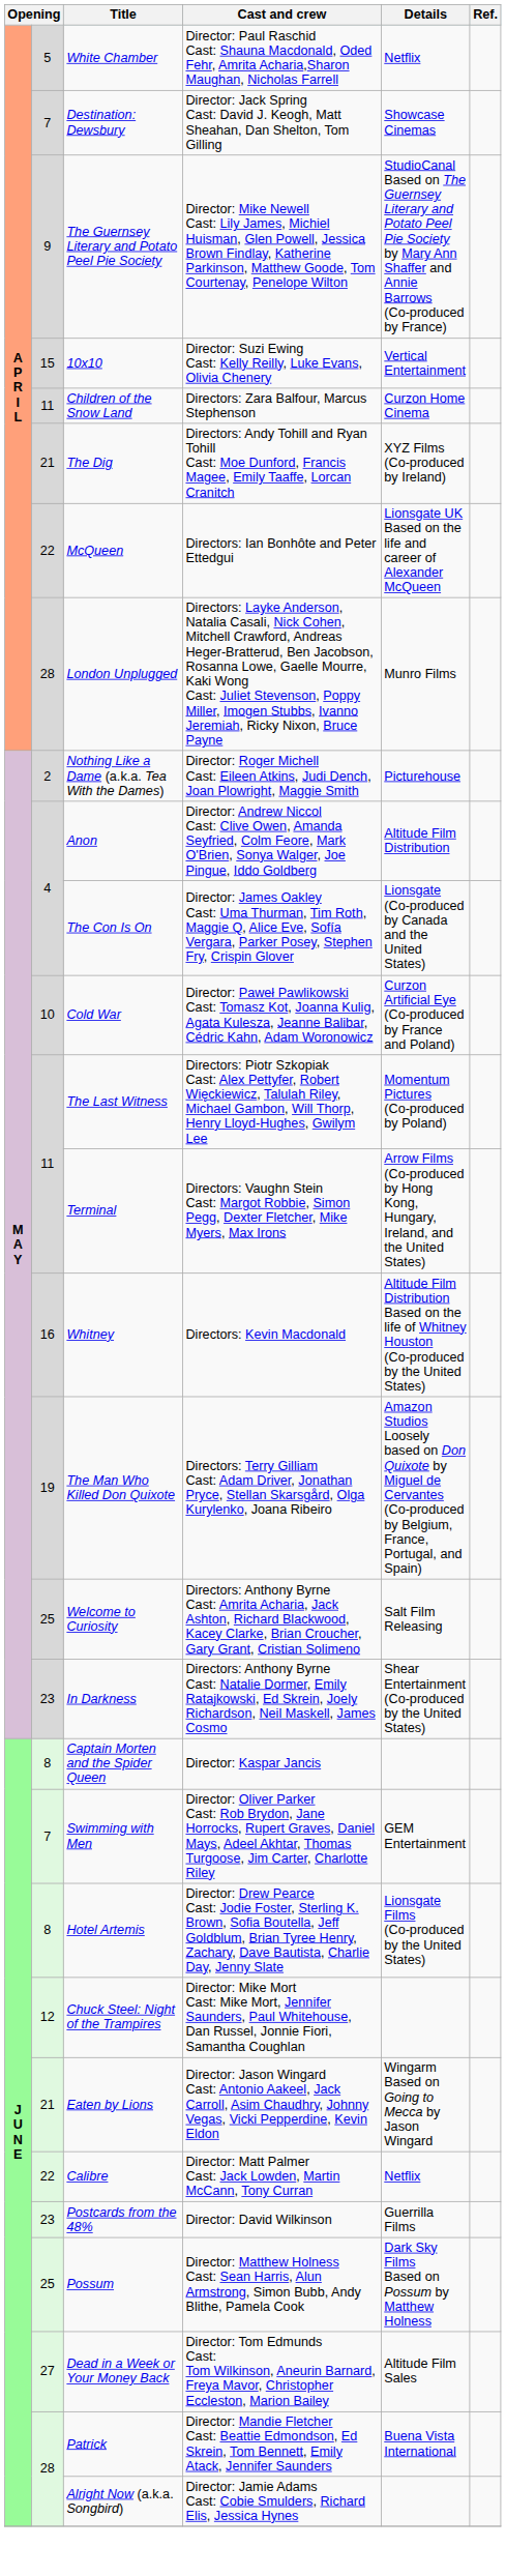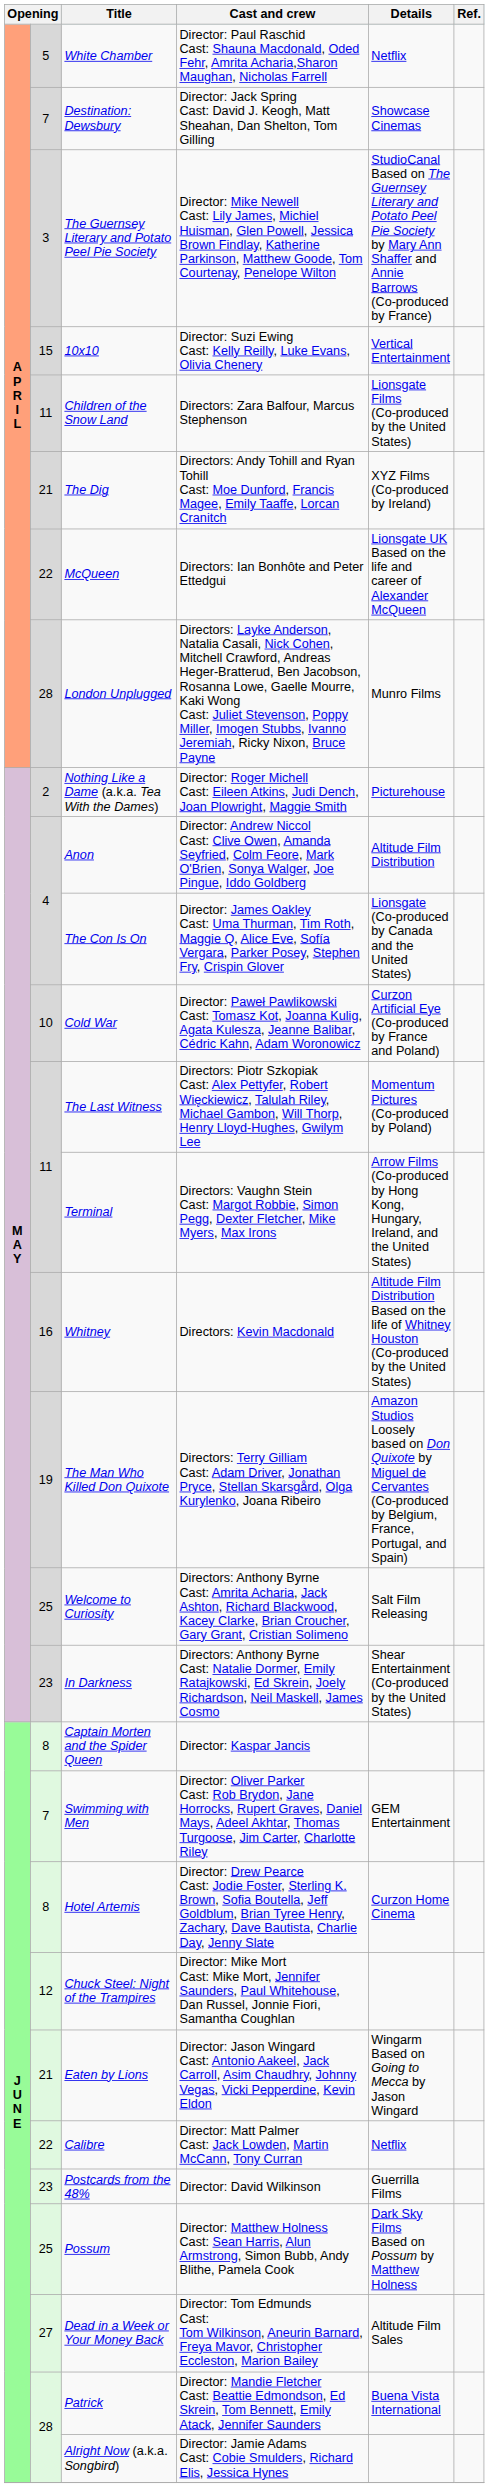 <table class="wikitable">
 <tr style="background:#b0e0e6; text-align:center;">
 <th colspan="2">Opening</th>
 <th style="width:24%;">Title</th>
 <th style="width:40%;">Cast and crew</th>
 <th>Details</th>
 <th style="width:2%;">Ref.</th>
 </tr>
 <tr>
 <th rowspan="8" style="text-align:center; background:#ffa07a; textcolor:#000;">A<br>P<br>R<br>I<br>L</th>
 <td rowspan="1" style="text-align:center; background:#d8d8d8;">5</td>
 <td><em><a href='#'>White Chamber</a></em></td>
 <td>Director: Paul Raschid <br> Cast: <a href='#'>Shauna Macdonald</a>, <a href='#'>Oded Fehr</a>, <a href='#'>Amrita Acharia</a>,<a href='#'>Sharon Maughan</a>, <a href='#'>Nicholas Farrell</a></td>
 <td><a href='#'>Netflix</a></td>
 <td></td>
 </tr>
 <tr>
 <td rowspan="1" style="text-align:center; background:#d8d8d8;">7</td>
 <td><em><a href='#'>Destination: Dewsbury</a></em></td>
 <td>Director: Jack Spring <br> Cast: David J. Keogh, Matt Sheahan, Dan Shelton, Tom Gilling</td>
 <td><a href='#'>Showcase Cinemas</a></td>
 <td style="text-align:center"></td>
 </tr>
 <tr>
-<td rowspan="1" style="text-align:center; background:#d8d8d8;">9</td>
+<td rowspan="1" style="text-align:center; background:#d8d8d8;">3</td>
 <td><em><a href='#'>The Guernsey Literary and Potato Peel Pie Society</a></em></td>
 <td>Director: <a href='#'>Mike Newell</a> <br> Cast: <a href='#'>Lily James</a>, <a href='#'>Michiel Huisman</a>, <a href='#'>Glen Powell</a>, <a href='#'>Jessica Brown Findlay</a>, <a href='#'>Katherine Parkinson</a>, <a href='#'>Matthew Goode</a>, <a href='#'>Tom Courtenay</a>, <a href='#'>Penelope Wilton</a></td>
 <td><a href='#'>StudioCanal</a> <br> Based on <em><a href='#'>The Guernsey Literary and Potato Peel Pie Society</a></em> by <a href='#'>Mary Ann Shaffer</a> and <a href='#'>Annie Barrows</a> <br> (Co-produced by France)</td>
 <td style="text-align:center"></td>
 </tr>
 <tr>
 <td rowspan="1" style="text-align:center; background:#d8d8d8;">15</td>
 <td><em><a href='#'>10x10</a></em></td>
 <td>Director: Suzi Ewing <br> Cast: <a href='#'>Kelly Reilly</a>, <a href='#'>Luke Evans</a>, <a href='#'>Olivia Chenery</a></td>
 <td><a href='#'>Vertical Entertainment</a></td>
 <td style="text-align:center"></td>
 </tr>
 <tr>
 <td rowspan="1" style="text-align:center; background:#d8d8d8;">11</td>
 <td><em><a href='#'>Children of the Snow Land</a></em></td>
 <td>Directors: Zara Balfour, Marcus Stephenson</td>
-<td><a href='#'>Curzon Home Cinema</a></td>
+<td><a href='#'>Lionsgate Films</a> <br> (Co-produced by the United States)</td>
 <td style="text-align:center"></td>
 </tr>
 <tr>
 <td rowspan="1" style="text-align:center; background:#d8d8d8;">21</td>
 <td><em><a href='#'>The Dig</a></em></td>
 <td>Directors: Andy Tohill and Ryan Tohill <br> Cast: <a href='#'>Moe Dunford</a>, <a href='#'>Francis Magee</a>, <a href='#'>Emily Taaffe</a>, <a href='#'>Lorcan Cranitch</a></td>
 <td>XYZ Films <br> (Co-produced by Ireland)</td>
 <td style="text-align:center"></td>
 </tr>
 <tr>
 <td rowspan="1" style="text-align:center; background:#d8d8d8;">22</td>
 <td><em><a href='#'>McQueen</a></em></td>
 <td>Directors: Ian Bonhôte and Peter Ettedgui</td>
 <td><a href='#'>Lionsgate UK</a> <br> Based on the life and career of <a href='#'>Alexander McQueen</a></td>
 <td style="text-align:center"></td>
 </tr>
 <tr>
 <td rowspan="1" style="text-align:center; background:#d8d8d8;">28</td>
 <td><em><a href='#'>London Unplugged</a></em></td>
 <td>Directors: <a href='#'>Layke Anderson</a>, Natalia Casali, <a href='#'>Nick Cohen</a>, Mitchell Crawford, Andreas Heger-Bratterud, Ben Jacobson, Rosanna Lowe, Gaelle Mourre, Kaki Wong <br> Cast: <a href='#'>Juliet Stevenson</a>, <a href='#'>Poppy Miller</a>, <a href='#'>Imogen Stubbs</a>, <a href='#'>Ivanno Jeremiah</a>, Ricky Nixon, <a href='#'>Bruce Payne</a></td>
 <td>Munro Films</td>
 <td style="text-align:center"></td>
 </tr>
 <tr>
 <th rowspan="10" style="text-align:center; background:thistle; textcolor:#000;">M<br>A<br>Y</th>
 <td rowspan="1" style="text-align:center; background:#d8d8d8;">2</td>
 <td><em><a href='#'>Nothing Like a Dame</a></em> (a.k.a. <em>Tea With the Dames</em>)</td>
 <td>Director: <a href='#'>Roger Michell</a> <br> Cast: <a href='#'>Eileen Atkins</a>, <a href='#'>Judi Dench</a>, <a href='#'>Joan Plowright</a>, <a href='#'>Maggie Smith</a></td>
 <td><a href='#'>Picturehouse</a></td>
 <td></td>
 </tr>
 <tr>
 <td rowspan="2" style="text-align:center; background:#d8d8d8;">4</td>
 <td><em><a href='#'>Anon</a></em></td>
 <td>Director: <a href='#'>Andrew Niccol</a> <br> Cast: <a href='#'>Clive Owen</a>, <a href='#'>Amanda Seyfried</a>, <a href='#'>Colm Feore</a>, <a href='#'>Mark O'Brien</a>, <a href='#'>Sonya Walger</a>, <a href='#'>Joe Pingue</a>, <a href='#'>Iddo Goldberg</a></td>
 <td><a href='#'>Altitude Film Distribution</a></td>
 <td style="text-align:center"></td>
 </tr>
 <tr>
 <td><em><a href='#'>The Con Is On</a></em></td>
 <td>Director: <a href='#'>James Oakley</a> <br> Cast: <a href='#'>Uma Thurman</a>, <a href='#'>Tim Roth</a>, <a href='#'>Maggie Q</a>, <a href='#'>Alice Eve</a>, <a href='#'>Sofía Vergara</a>, <a href='#'>Parker Posey</a>, <a href='#'>Stephen Fry</a>, <a href='#'>Crispin Glover</a></td>
 <td><a href='#'>Lionsgate</a> <br> (Co-produced by Canada and the United States)</td>
 <td style="text-align:center"></td>
 </tr>
 <tr>
 <td rowspan="1" style="text-align:center; background:#d8d8d8;">10</td>
 <td><em><a href='#'>Cold War</a></em></td>
 <td>Director: <a href='#'>Paweł Pawlikowski</a> <br> Cast: <a href='#'>Tomasz Kot</a>, <a href='#'>Joanna Kulig</a>, <a href='#'>Agata Kulesza</a>, <a href='#'>Jeanne Balibar</a>, <a href='#'>Cédric Kahn</a>, <a href='#'>Adam Woronowicz</a></td>
 <td><a href='#'>Curzon Artificial Eye</a> <br> (Co-produced by France and Poland)</td>
 <td style="text-align:center"></td>
 </tr>
 <tr>
 <td rowspan="2" style="text-align:center; background:#d8d8d8;">11</td>
 <td><em><a href='#'>The Last Witness</a></em></td>
 <td>Directors: Piotr Szkopiak <br> Cast: <a href='#'>Alex Pettyfer</a>, <a href='#'>Robert Więckiewicz</a>, <a href='#'>Talulah Riley</a>, <a href='#'>Michael Gambon</a>, <a href='#'>Will Thorp</a>, <a href='#'>Henry Lloyd-Hughes</a>, <a href='#'>Gwilym Lee</a></td>
 <td><a href='#'>Momentum Pictures</a> <br> (Co-produced by Poland)</td>
 <td style="text-align:center"></td>
 </tr>
 <tr>
 <td><em><a href='#'>Terminal</a></em></td>
 <td>Directors: Vaughn Stein <br> Cast: <a href='#'>Margot Robbie</a>, <a href='#'>Simon Pegg</a>, <a href='#'>Dexter Fletcher</a>, <a href='#'>Mike Myers</a>, <a href='#'>Max Irons</a></td>
 <td><a href='#'>Arrow Films</a> <br> (Co-produced by Hong Kong, Hungary, Ireland, and the United States)</td>
 <td style="text-align:center"></td>
 </tr>
 <tr>
 <td rowspan="1" style="text-align:center; background:#d8d8d8;">16</td>
 <td><em><a href='#'>Whitney</a></em></td>
 <td>Directors: <a href='#'>Kevin Macdonald</a></td>
 <td><a href='#'>Altitude Film Distribution</a> <br> Based on the life of <a href='#'>Whitney Houston</a> <br> (Co-produced by the United States)</td>
 <td style="text-align:center"></td>
 </tr>
 <tr>
 <td rowspan="1" style="text-align:center; background:#d8d8d8;">19</td>
 <td><em><a href='#'>The Man Who Killed Don Quixote</a></em></td>
 <td>Directors: <a href='#'>Terry Gilliam</a> <br> Cast: <a href='#'>Adam Driver</a>, <a href='#'>Jonathan Pryce</a>, <a href='#'>Stellan Skarsgård</a>, <a href='#'>Olga Kurylenko</a>, Joana Ribeiro</td>
 <td><a href='#'>Amazon Studios</a> <br> Loosely based on <em><a href='#'>Don Quixote</a></em> by <a href='#'>Miguel de Cervantes</a> <br> (Co-produced by Belgium, France, Portugal, and Spain)</td>
 <td style="text-align:center"></td>
 </tr>
 <tr>
 <td rowspan="1" style="text-align:center; background:#d8d8d8;">25</td>
 <td><em><a href='#'>Welcome to Curiosity</a></em></td>
 <td>Directors: Anthony Byrne <br> Cast: <a href='#'>Amrita Acharia</a>, <a href='#'>Jack Ashton</a>, <a href='#'>Richard Blackwood</a>, <a href='#'>Kacey Clarke</a>, <a href='#'>Brian Croucher</a>, <a href='#'>Gary Grant</a>, <a href='#'>Cristian Solimeno</a></td>
 <td>Salt Film Releasing</td>
 <td style="text-align:center"></td>
 </tr>
 <tr>
 <td rowspan="1" style="text-align:center; background:#d8d8d8;">23</td>
 <td><em><a href='#'>In Darkness</a></em></td>
 <td>Directors: Anthony Byrne <br> Cast: <a href='#'>Natalie Dormer</a>, <a href='#'>Emily Ratajkowski</a>, <a href='#'>Ed Skrein</a>, <a href='#'>Joely Richardson</a>, <a href='#'>Neil Maskell</a>, <a href='#'>James Cosmo</a></td>
 <td>Shear Entertainment <br> (Co-produced by the United States)</td>
 <td style="text-align:center"></td>
 </tr>
 <tr>
 <th rowspan="11" style="text-align:center; background:#98fb98; textcolor:#000;">J<br>U<br>N<br>E</th>
 <td rowspan="1" style="text-align:center; background:#e0f9e0;">8</td>
 <td><em><a href='#'>Captain Morten and the Spider Queen</a></em></td>
 <td>Director: <a href='#'>Kaspar Jancis</a></td>
 <td></td>
 <td></td>
 </tr>
 <tr>
 <td rowspan="1" style="text-align:center; background:#e0f9e0;">7</td>
 <td><em><a href='#'>Swimming with Men</a></em></td>
 <td>Director: <a href='#'>Oliver Parker</a> <br> Cast: <a href='#'>Rob Brydon</a>, <a href='#'>Jane Horrocks</a>, <a href='#'>Rupert Graves</a>, <a href='#'>Daniel Mays</a>, <a href='#'>Adeel Akhtar</a>, <a href='#'>Thomas Turgoose</a>, <a href='#'>Jim Carter</a>, <a href='#'>Charlotte Riley</a></td>
 <td>GEM Entertainment</td>
 <td style="text-align:center"></td>
 </tr>
 <tr>
 <td rowspan="1" style="text-align:center; background:#e0f9e0;">8</td>
 <td><em><a href='#'>Hotel Artemis</a></em></td>
 <td>Director: <a href='#'>Drew Pearce</a> <br> Cast: <a href='#'>Jodie Foster</a>, <a href='#'>Sterling K. Brown</a>, <a href='#'>Sofia Boutella</a>, <a href='#'>Jeff Goldblum</a>, <a href='#'>Brian Tyree Henry</a>, <a href='#'>Zachary</a>, <a href='#'>Dave Bautista</a>, <a href='#'>Charlie Day</a>, <a href='#'>Jenny Slate</a></td>
-<td><a href='#'>Lionsgate Films</a> <br> (Co-produced by the United States)</td>
+<td><a href='#'>Curzon Home Cinema</a></td>
 <td style="text-align:center"></td>
 </tr>
 <tr>
 <td rowspan="1" style="text-align:center; background:#e0f9e0;">12</td>
 <td><em><a href='#'>Chuck Steel: Night of the Trampires</a></em></td>
 <td>Director: Mike Mort <br> Cast: Mike Mort, <a href='#'>Jennifer Saunders</a>, <a href='#'>Paul Whitehouse</a>, Dan Russel, Jonnie Fiori, Samantha Coughlan</td>
 <td></td>
 <td style="text-align:center"></td>
 </tr>
 <tr>
 <td rowspan="1" style="text-align:center; background:#e0f9e0;">21</td>
 <td><em><a href='#'>Eaten by Lions</a></em></td>
 <td>Director: Jason Wingard <br> Cast: <a href='#'>Antonio Aakeel</a>, <a href='#'>Jack Carroll</a>, <a href='#'>Asim Chaudhry</a>, <a href='#'>Johnny Vegas</a>, <a href='#'>Vicki Pepperdine</a>, <a href='#'>Kevin Eldon</a></td>
 <td>Wingarm <br> Based on <em>Going to Mecca</em> by Jason Wingard</td>
 <td style="text-align:center"></td>
 </tr>
 <tr>
 <td rowspan="1" style="text-align:center; background:#e0f9e0;">22</td>
 <td><em><a href='#'>Calibre</a></em></td>
 <td>Director: Matt Palmer <br> Cast: <a href='#'>Jack Lowden</a>, <a href='#'>Martin McCann</a>, <a href='#'>Tony Curran</a></td>
 <td><a href='#'>Netflix</a></td>
 <td style="text-align:center"></td>
 </tr>
 <tr>
 <td rowspan="1" style="text-align:center; background:#e0f9e0;">23</td>
 <td><em><a href='#'>Postcards from the 48%</a></em></td>
 <td>Director: David Wilkinson</td>
 <td>Guerrilla Films</td>
 <td style="text-align:center"></td>
 </tr>
 <tr>
 <td rowspan="1" style="text-align:center; background:#e0f9e0;">25</td>
 <td><em><a href='#'>Possum</a></em></td>
 <td>Director: <a href='#'>Matthew Holness</a> <br> Cast: <a href='#'>Sean Harris</a>, <a href='#'>Alun Armstrong</a>, Simon Bubb, Andy Blithe, Pamela Cook</td>
 <td><a href='#'>Dark Sky Films</a> <br> Based on <em>Possum</em> by <a href='#'>Matthew Holness</a></td>
 <td style="text-align:center"></td>
 </tr>
 <tr>
 <td rowspan="1" style="text-align:center; background:#e0f9e0;">27</td>
 <td><em><a href='#'>Dead in a Week or Your Money Back</a></em></td>
 <td>Director: Tom Edmunds <br> Cast:<br><a href='#'>Tom Wilkinson</a>, <a href='#'>Aneurin Barnard</a>, <a href='#'>Freya Mavor</a>, <a href='#'>Christopher Eccleston</a>, <a href='#'>Marion Bailey</a></td>
 <td>Altitude Film Sales</td>
 <td></td>
 </tr>
 <tr>
 <td rowspan="2" style="text-align:center; background:#e0f9e0;">28</td>
 <td><em><a href='#'>Patrick</a></em></td>
 <td>Director: <a href='#'>Mandie Fletcher</a> <br> Cast: <a href='#'>Beattie Edmondson</a>, <a href='#'>Ed Skrein</a>, <a href='#'>Tom Bennett</a>, <a href='#'>Emily Atack</a>, <a href='#'>Jennifer Saunders</a></td>
 <td><a href='#'>Buena Vista International</a></td>
 <td style="text-align:center"></td>
 </tr>
 <tr>
 <td><em><a href='#'>Alright Now</a></em> (a.k.a. <em>Songbird</em>)</td>
 <td>Director: Jamie Adams <br> Cast: <a href='#'>Cobie Smulders</a>, <a href='#'>Richard Elis</a>, <a href='#'>Jessica Hynes</a></td>
 <td></td>
 <td style="text-align:center"></td>
 </tr>
 <tr>
 </tr>
 </table>
